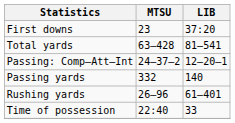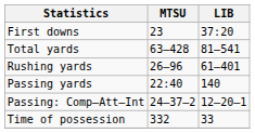 <table class="wikitable" style="float: left;">
 <tr>
 <th>Statistics</th>
 <th>MTSU</th>
 <th>LIB</th>
 </tr>
 <tr>
 <td>First downs</td>
 <td>23</td>
 <td>37:20</td>
 </tr>
 <tr>
 <td>Total yards</td>
 <td>63–428</td>
 <td>81–541</td>
 </tr>
 <tr>
+<td>Rushing yards</td>
+<td>26–96</td>
+<td>61–401</td>
+</tr>
+<tr>
+<td>Passing yards</td>
+<td>22:40</td>
+<td>140</td>
+</tr>
+<tr>
 <td>Passing: Comp–Att–Int</td>
 <td>24–37–2</td>
 <td>12–20–1</td>
 </tr>
 <tr>
-<td>Passing yards</td>
+<td>Time of possession</td>
 <td>332</td>
-<td>140</td>
-</tr>
-<tr>
-<td>Rushing yards</td>
-<td>26–96</td>
-<td>61–401</td>
-</tr>
-<tr>
-<td>Time of possession</td>
-<td>22:40</td>
 <td>33</td>
 </tr>
 <tr>
 </tr>
 </table>
